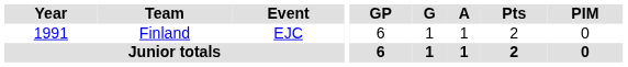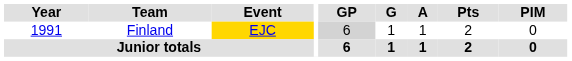 <table border="0" cellpadding="1" cellspacing="0" ID="Table3" style="text-align:center; width:40em">
 <tr ALIGN="center" bgcolor="#e0e0e0">
 <th>Year</th>
 <th>Team</th>
 <th>Event</th>
 <th rowspan="99" bgcolor="#ffffff"></th>
 <th>GP</th>
 <th>G</th>
 <th>A</th>
 <th>Pts</th>
 <th>PIM</th>
 </tr>
 <tr>
 <td><a href='#'>1991</a></td>
 <td><a href='#'>Finland</a></td>
-<td><a href='#'>EJC</a></td>
-<td>6</td>
+<td style="background: gold;"><a href='#'>EJC</a></td>
+<td style="background: lightgrey;">6</td>
 <td>1</td>
 <td>1</td>
 <td>2</td>
 <td>0</td>
 </tr>
 <tr bgcolor="#e0e0e0">
 <th colspan="3">Junior totals</th>
 <th>6</th>
 <th>1</th>
 <th>1</th>
 <th>2</th>
 <th>0</th>
 </tr>
 </table>
